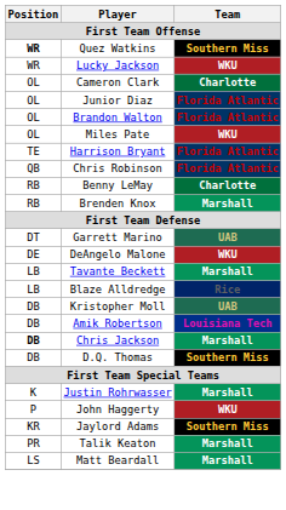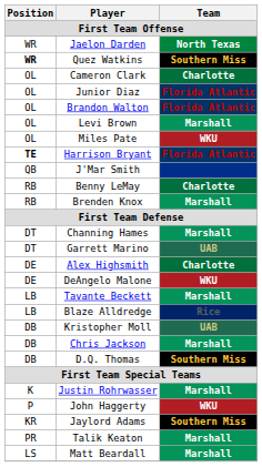 <table class="wikitable" border="0">
 <tr>
 <th>Position</th>
 <th>Player</th>
 <th>Team</th>
 </tr>
 <tr>
 <td colspan="3" style="text-align:center; background:#ddd;"><strong>First Team Offense </strong></td>
 </tr>
 <tr style="text-align:center;">
+<td style="background:white">WR</td>
+<td style="background:white"><a href='#'>Jaelon Darden</a></td>
+<th style="background:#00853E; color:#FFFFFF;">North Texas</th>
+</tr>
+<tr style="text-align:center;">
 <td style="background:white"><strong>WR</strong></td>
 <td style="background:white">Quez Watkins</td>
 <th style="background:#000000; color:#FDC737;">Southern Miss</th>
-</tr>
-<tr style="text-align:center;">
-<td style="background:white">WR</td>
-<td style="background:white"><a href='#'>Lucky Jackson</a></td>
-<th style="background:#B01E24; color:#FFFFFF">WKU</th>
 </tr>
 <tr style="text-align:center;">
 <td style="background:white">OL</td>
 <td style="background:white">Cameron Clark</td>
 <th style="background:#00703C; color:#FFFFFF;">Charlotte</th>
 </tr>
 <tr style="text-align:center;">
 <td style="background:white">OL</td>
 <td style="background:white">Junior Diaz</td>
 <th style="background:#003366; color:#CC0000;">Florida Atlantic</th>
 </tr>
 <tr style="text-align:center;">
 <td style="background:white">OL</td>
 <td style="background:white"><a href='#'>Brandon Walton</a></td>
 <th style="background:#003366; color:#CC0000;">Florida Atlantic</th>
 </tr>
 <tr style="text-align:center;">
 <td style="background:white">OL</td>
+<td style="background:white">Levi Brown</td>
+<th style="background:#04945a; color:#FFFFFF;">Marshall</th>
+</tr>
+<tr style="text-align:center;">
+<td style="background:white">OL</td>
 <td style="background:white">Miles Pate</td>
 <th style="background:#B01E24; color:#FFFFFF">WKU</th>
 </tr>
 <tr style="text-align:center;">
-<td style="background:white">TE</td>
+<td style="background:white"><strong>TE</strong></td>
 <td style="background:white"><a href='#'>Harrison Bryant</a></td>
 <th style="background:#003366; color:#CC0000;">Florida Atlantic</th>
 </tr>
 <tr style="text-align:center;">
 <td style="background:white">QB</td>
-<td style="background:white">Chris Robinson</td>
-<th style="background:#003366; color:#CC0000;">Florida Atlantic</th>
+<td style="background:white">J'Mar Smith</td>
+<th style="background:#002F8B; color:#E312B3;"></th>
 </tr>
 <tr style="text-align:center;">
 <td style="background:white">RB</td>
 <td style="background:white">Benny LeMay</td>
 <th style="background:#00703C; color:#FFFFFF;">Charlotte</th>
 </tr>
 <tr style="text-align:center;">
 <td style="background:white">RB</td>
 <td style="background:white">Brenden Knox</td>
 <th style="background:#04945a; color:#FFFFFF;">Marshall</th>
 </tr>
 <tr>
 <td colspan="3" style="text-align:center; background:#ddd;"><strong>First Team Defense</strong></td>
 </tr>
 <tr style="text-align:center;">
 <td style="background:white">DT</td>
+<td style="background:white">Channing Hames</td>
+<th style="background:#04945a; color:#FFFFFF;">Marshall</th>
+</tr>
+<tr style="text-align:center;">
+<td style="background:white">DT</td>
 <td style="background:white">Garrett Marino</td>
 <th style="background:#1E6B52; color:#D2C780;">UAB</th>
+</tr>
+<tr style="text-align:center;">
+<td style="background:white">DE</td>
+<td style="background:white"><a href='#'>Alex Highsmith</a></td>
+<th style="background:#00703C; color:#FFFFFF;">Charlotte</th>
 </tr>
 <tr style="text-align:center;">
 <td style="background:white">DE</td>
 <td style="background:white">DeAngelo Malone</td>
 <th style="background:#B01E24; color:#FFFFFF">WKU</th>
 </tr>
 <tr style="text-align:center;">
 <td style="background:white">LB</td>
 <td style="background:white"><a href='#'>Tavante Beckett</a></td>
 <th style="background:#04945a; color:#FFFFFF;">Marshall</th>
 </tr>
 <tr style="text-align:center;">
 <td style="background:white">LB</td>
 <td style="background:white">Blaze Alldredge</td>
 <th style="background:#002469; color:#5e6062;">Rice</th>
 </tr>
 <tr style="text-align:center;">
 <td style="background:white">DB</td>
 <td style="background:white">Kristopher Moll</td>
 <th style="background:#1E6B52; color:#D2C780;">UAB</th>
 </tr>
 <tr style="text-align:center;">
 <td style="background:white">DB</td>
-<td style="background:white"><a href='#'>Amik Robertson</a></td>
-<th style="background:#002F8B; color:#E312B3;">Louisiana Tech</th>
-</tr>
-<tr style="text-align:center;">
-<td style="background:white"><strong>DB</strong></td>
 <td style="background:white"><a href='#'>Chris Jackson</a></td>
 <th style="background:#04945a; color:#FFFFFF;">Marshall</th>
 </tr>
 <tr style="text-align:center;">
 <td style="background:white">DB</td>
 <td style="background:white">D.Q. Thomas</td>
 <th style="background:#000000; color:#FDC737;">Southern Miss</th>
 </tr>
 <tr>
 <td colspan="3" style="text-align:center; background:#ddd;"><strong>First Team Special Teams</strong></td>
 </tr>
 <tr style="text-align:center;">
 <td style="background:white">K</td>
 <td style="background:white"><a href='#'>Justin Rohrwasser</a></td>
 <th style="background:#04945a; color:#FFFFFF;">Marshall</th>
 </tr>
 <tr style="text-align:center;">
 <td style="background:white">P</td>
 <td style="background:white">John Haggerty</td>
 <th style="background:#B01E24; color:#FFFFFF">WKU</th>
 </tr>
 <tr style="text-align:center;">
 <td style="background:white">KR</td>
 <td style="background:white">Jaylord Adams</td>
 <th style="background:#000000; color:#FDC737;">Southern Miss</th>
 </tr>
 <tr style="text-align:center;">
 <td style="background:white">PR</td>
 <td style="background:white">Talik Keaton</td>
 <th style="background:#04945a; color:#FFFFFF;">Marshall</th>
 </tr>
 <tr style="text-align:center;">
 <td style="background:white">LS</td>
 <td style="background:white">Matt Beardall</td>
 <th style="background:#04945a; color:#FFFFFF;">Marshall</th>
 </tr>
 <tr style="text-align:center;">
 </tr>
 </table>
